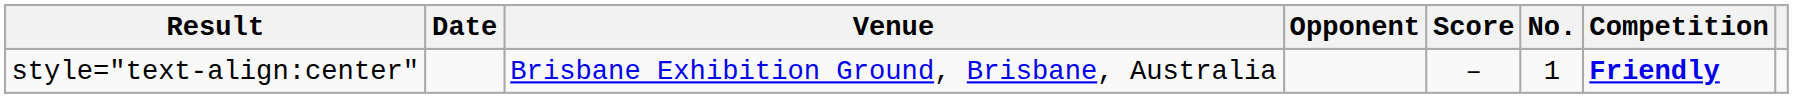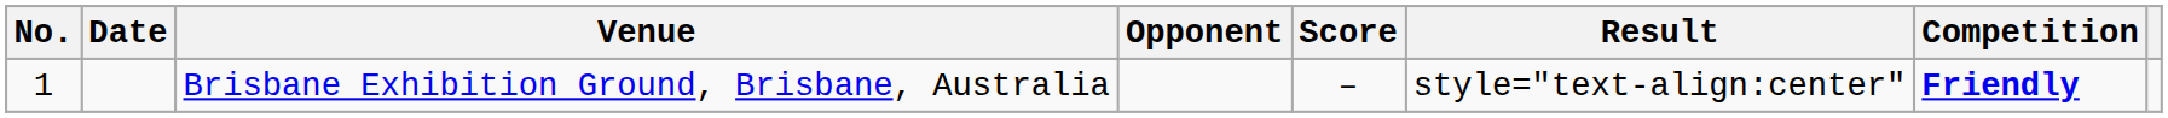 <table class="wikitable sortable">
 <tr>
-<th scope="col">Result</th>
+<th scope="col">No.</th>
 <th scope="col">Date</th>
 <th scope="col">Venue</th>
 <th scope="col">Opponent</th>
 <th scope="col">Score</th>
-<th scope="col">No.</th>
+<th scope="col">Result</th>
 <th scope="col">Competition</th>
 <th scope="col" class="unsortable"></th>
 </tr>
 <tr>
-<td>style="text-align:center" </td>
+<td style="text-align:center">1</td>
 <td></td>
 <td><a href='#'>Brisbane Exhibition Ground</a>, <a href='#'>Brisbane</a>, Australia</td>
 <td></td>
 <td style="text-align:center">–</td>
-<td style="text-align:center">1</td>
+<td>style="text-align:center" </td>
 <td><strong><a href='#'>Friendly</a></strong></td>
 <td></td>
 </tr>
 </table>
